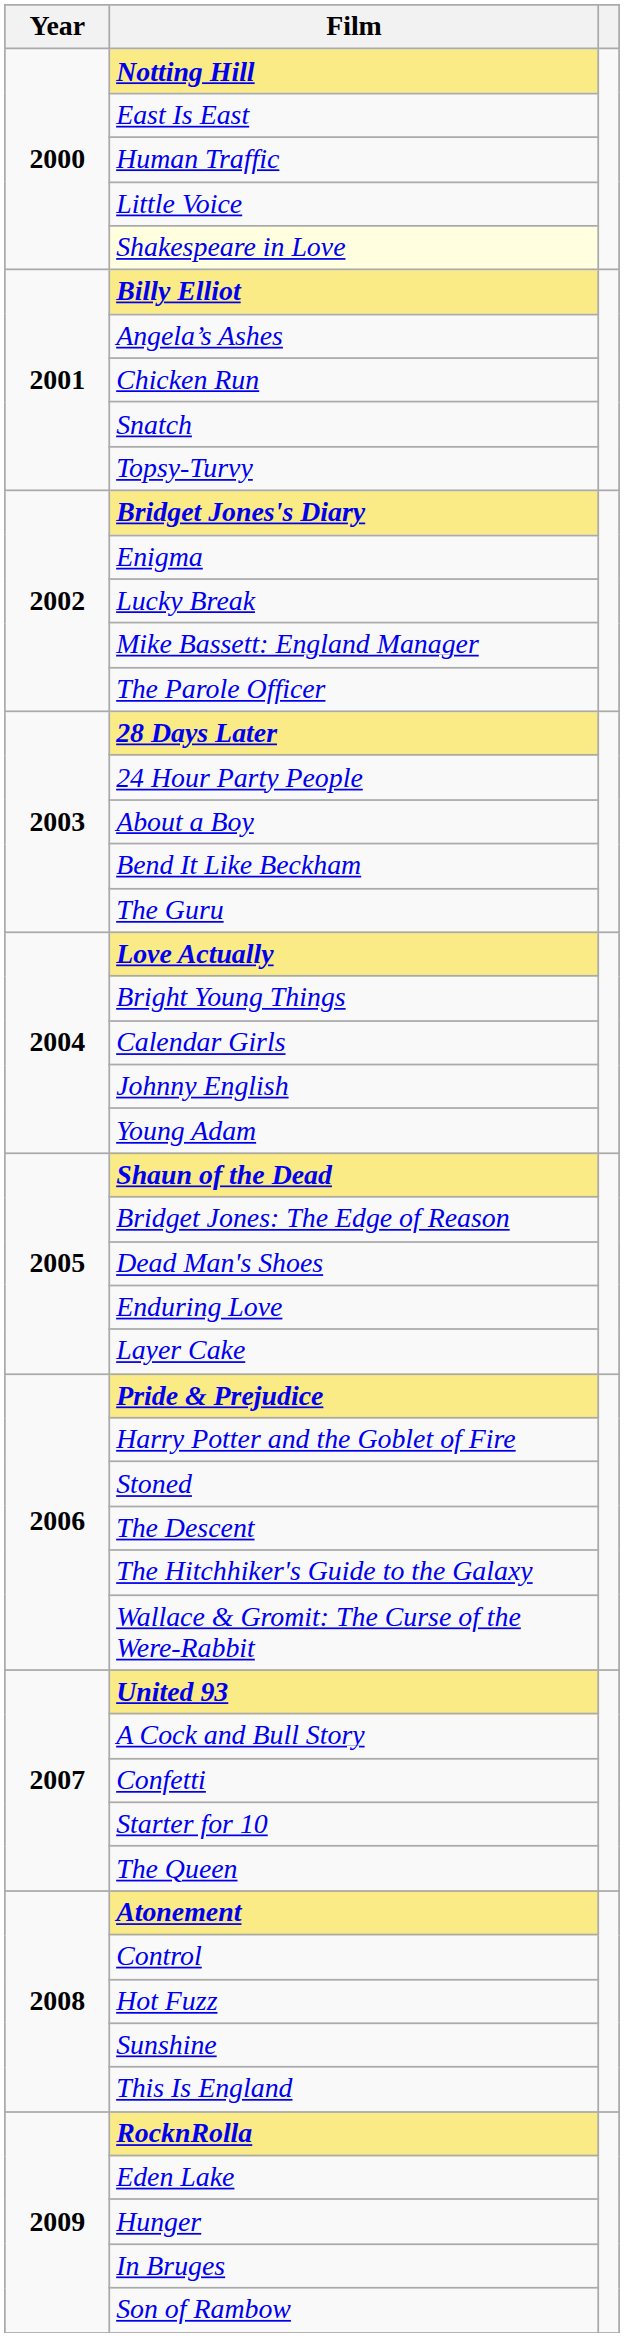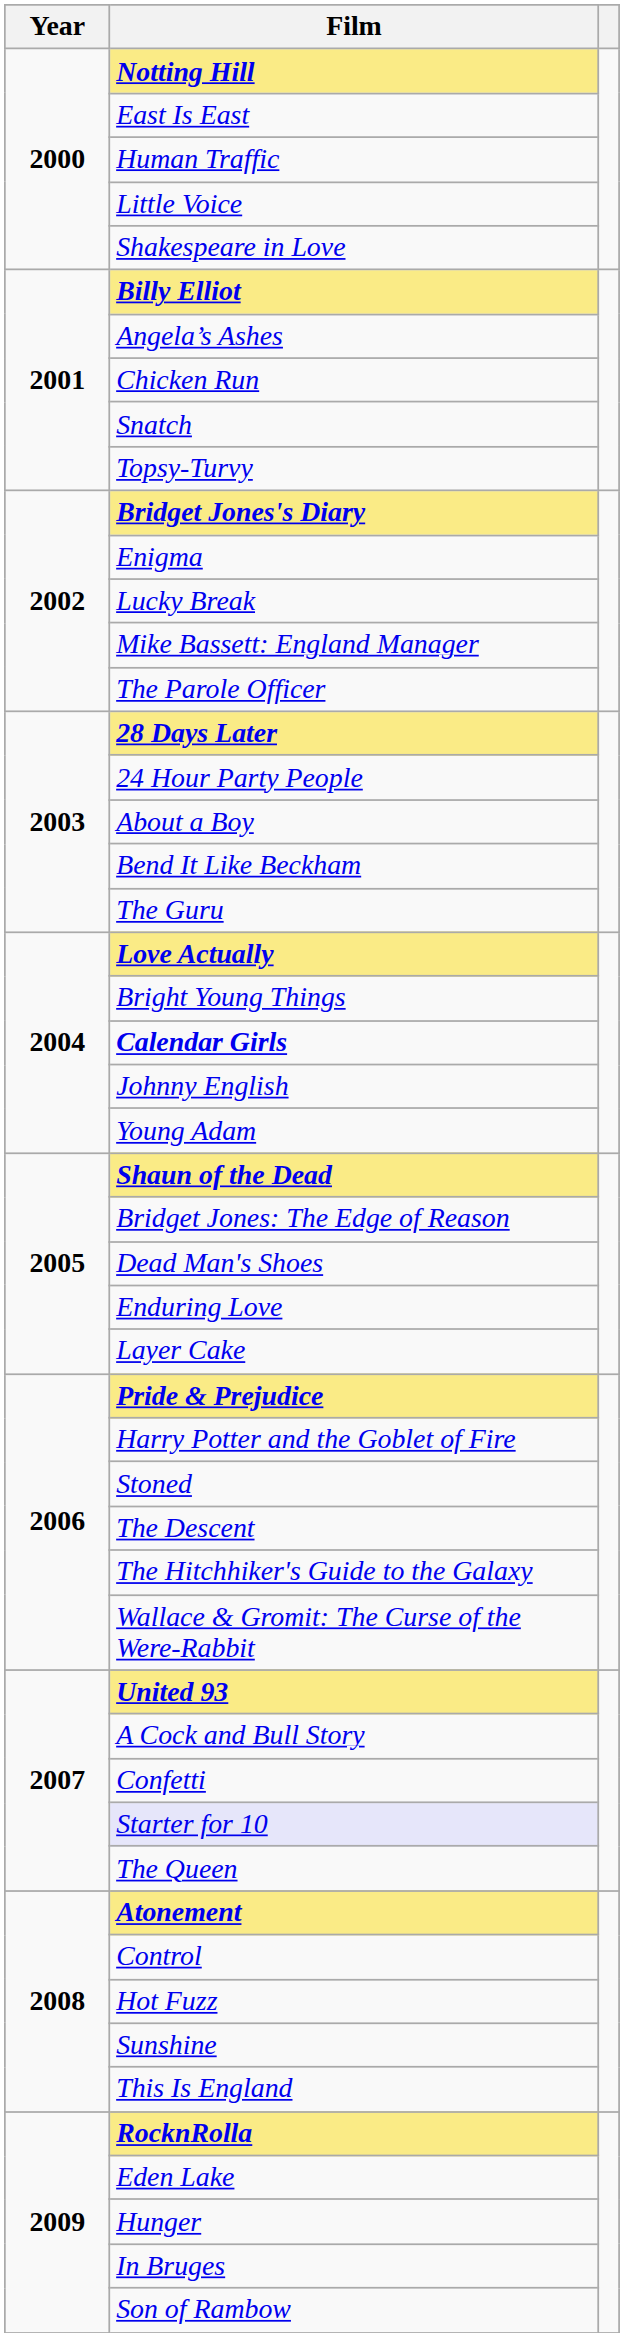 <table class="wikitable" width="40%">
 <tr>
 <th width="10%">Year</th>
 <th width="50%">Film</th>
 <th width="2%"></th>
 </tr>
 <tr>
 <td rowspan="5" style="text-align:center"><strong>2000<br> </strong></td>
 <td style="background:#FAEB86"><strong><em><a href='#'>Notting Hill</a></em></strong></td>
 <td rowspan="5" style="text-align:center"></td>
 </tr>
 <tr>
 <td><em><a href='#'>East Is East</a></em></td>
 </tr>
 <tr>
 <td><em><a href='#'>Human Traffic</a></em></td>
 </tr>
 <tr>
 <td><em><a href='#'>Little Voice</a></em></td>
 </tr>
 <tr>
-<td style="background: lightyellow;"><em><a href='#'>Shakespeare in Love</a></em></td>
+<td><em><a href='#'>Shakespeare in Love</a></em></td>
 </tr>
 <tr>
 <td rowspan="5" style="text-align:center"><strong>2001<br> </strong></td>
 <td style="background:#FAEB86"><strong><em><a href='#'>Billy Elliot</a></em></strong></td>
 <td rowspan="5" style="text-align:center"></td>
 </tr>
 <tr>
 <td><em><a href='#'>Angela’s Ashes</a></em></td>
 </tr>
 <tr>
 <td><em><a href='#'>Chicken Run</a></em></td>
 </tr>
 <tr>
 <td><em><a href='#'>Snatch</a></em></td>
 </tr>
 <tr>
 <td><em><a href='#'>Topsy-Turvy</a></em></td>
 </tr>
 <tr>
 <td rowspan="5" style="text-align:center"><strong>2002<br> </strong></td>
 <td style="background:#FAEB86"><strong><em><a href='#'>Bridget Jones's Diary</a></em></strong></td>
 <td rowspan="5" style="text-align:center"></td>
 </tr>
 <tr>
 <td><em><a href='#'>Enigma</a></em></td>
 </tr>
 <tr>
 <td><em><a href='#'>Lucky Break</a></em></td>
 </tr>
 <tr>
 <td><em><a href='#'>Mike Bassett: England Manager</a></em></td>
 </tr>
 <tr>
 <td><em><a href='#'>The Parole Officer</a></em></td>
 </tr>
 <tr>
 <td rowspan="5" style="text-align:center"><strong>2003<br> </strong></td>
 <td style="background:#FAEB86"><strong><em><a href='#'>28 Days Later</a></em></strong></td>
 <td rowspan="5" style="text-align:center"></td>
 </tr>
 <tr>
 <td><em><a href='#'>24 Hour Party People</a></em></td>
 </tr>
 <tr>
 <td><em><a href='#'>About a Boy</a></em></td>
 </tr>
 <tr>
 <td><em><a href='#'>Bend It Like Beckham</a></em></td>
 </tr>
 <tr>
 <td><em><a href='#'>The Guru</a></em></td>
 </tr>
 <tr>
 <td rowspan="5" style="text-align:center"><strong>2004<br> </strong></td>
 <td style="background:#FAEB86"><strong><em><a href='#'>Love Actually</a></em></strong></td>
 <td rowspan="5" style="text-align:center"></td>
 </tr>
 <tr>
 <td><em><a href='#'>Bright Young Things</a></em></td>
 </tr>
 <tr>
-<td><em><a href='#'>Calendar Girls</a></em></td>
+<td><strong><em><a href='#'>Calendar Girls</a></em></strong></td>
 </tr>
 <tr>
 <td><em><a href='#'>Johnny English</a></em></td>
 </tr>
 <tr>
 <td><em><a href='#'>Young Adam</a></em></td>
 </tr>
 <tr>
 <td rowspan="5" style="text-align:center"><strong>2005<br> </strong></td>
 <td style="background:#FAEB86"><strong><em><a href='#'>Shaun of the Dead</a></em></strong></td>
 <td rowspan="5" style="text-align:center"></td>
 </tr>
 <tr>
 <td><em><a href='#'>Bridget Jones: The Edge of Reason</a></em></td>
 </tr>
 <tr>
 <td><em><a href='#'>Dead Man's Shoes</a></em></td>
 </tr>
 <tr>
 <td><em><a href='#'>Enduring Love</a></em></td>
 </tr>
 <tr>
 <td><em><a href='#'>Layer Cake</a></em></td>
 </tr>
 <tr>
 <td rowspan="6" style="text-align:center"><strong>2006<br> </strong></td>
 <td style="background:#FAEB86"><strong><em><a href='#'>Pride & Prejudice</a></em></strong></td>
 <td rowspan="6" style="text-align:center"></td>
 </tr>
 <tr>
 <td><em><a href='#'>Harry Potter and the Goblet of Fire</a></em></td>
 </tr>
 <tr>
 <td><em><a href='#'>Stoned</a></em></td>
 </tr>
 <tr>
 <td><em><a href='#'>The Descent</a></em></td>
 </tr>
 <tr>
 <td><em><a href='#'>The Hitchhiker's Guide to the Galaxy</a></em></td>
 </tr>
 <tr>
 <td><em><a href='#'>Wallace & Gromit: The Curse of the Were-Rabbit</a></em></td>
 </tr>
 <tr>
 <td rowspan="5" style="text-align:center"><strong>2007<br> </strong></td>
 <td style="background:#FAEB86"><strong><em><a href='#'>United 93</a></em></strong></td>
 <td rowspan="5" style="text-align:center"></td>
 </tr>
 <tr>
 <td><em><a href='#'>A Cock and Bull Story</a></em></td>
 </tr>
 <tr>
 <td><em><a href='#'>Confetti</a></em></td>
 </tr>
 <tr>
-<td><em><a href='#'>Starter for 10</a></em></td>
+<td style="background: lavender;"><em><a href='#'>Starter for 10</a></em></td>
 </tr>
 <tr>
 <td><em><a href='#'>The Queen</a></em></td>
 </tr>
 <tr>
 <td rowspan="5" style="text-align:center"><strong>2008<br> </strong></td>
 <td style="background:#FAEB86"><strong><em><a href='#'>Atonement</a></em></strong></td>
 <td rowspan="5" style="text-align:center"></td>
 </tr>
 <tr>
 <td><em><a href='#'>Control</a></em></td>
 </tr>
 <tr>
 <td><em><a href='#'>Hot Fuzz</a></em></td>
 </tr>
 <tr>
 <td><em><a href='#'>Sunshine</a></em></td>
 </tr>
 <tr>
 <td><em><a href='#'>This Is England</a></em></td>
 </tr>
 <tr>
 <td rowspan="5" style="text-align:center"><strong>2009<br> </strong></td>
 <td style="background:#FAEB86"><strong><em><a href='#'>RocknRolla</a></em></strong></td>
 <td rowspan="5" style="text-align:center"></td>
 </tr>
 <tr>
 <td><em><a href='#'>Eden Lake</a></em></td>
 </tr>
 <tr>
 <td><em><a href='#'>Hunger</a></em></td>
 </tr>
 <tr>
 <td><em><a href='#'>In Bruges</a></em></td>
 </tr>
 <tr>
 <td><em><a href='#'>Son of Rambow</a></em></td>
 </tr>
 </table>
